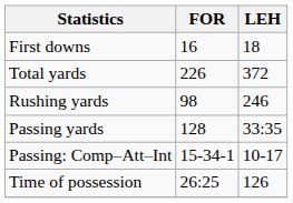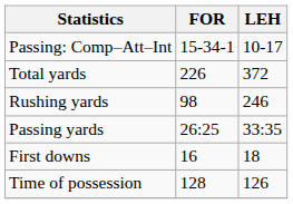 <table class="wikitable" style="float: left;">
 <tr>
 <th>Statistics</th>
 <th>FOR</th>
 <th>LEH</th>
 </tr>
 <tr>
-<td>First downs</td>
-<td>16</td>
-<td>18</td>
+<td>Passing: Comp–Att–Int</td>
+<td>15-34-1</td>
+<td>10-17</td>
 </tr>
 <tr>
 <td>Total yards</td>
 <td>226</td>
 <td>372</td>
 </tr>
 <tr>
 <td>Rushing yards</td>
 <td>98</td>
 <td>246</td>
 </tr>
 <tr>
 <td>Passing yards</td>
-<td>128</td>
+<td>26:25</td>
 <td>33:35</td>
 </tr>
 <tr>
-<td>Passing: Comp–Att–Int</td>
-<td>15-34-1</td>
-<td>10-17</td>
+<td>First downs</td>
+<td>16</td>
+<td>18</td>
 </tr>
 <tr>
 <td>Time of possession</td>
-<td>26:25</td>
+<td>128</td>
 <td>126</td>
 </tr>
 <tr>
 </tr>
 </table>
